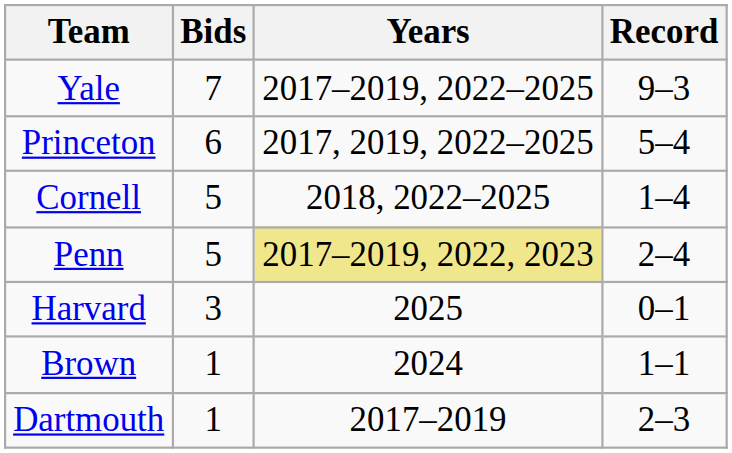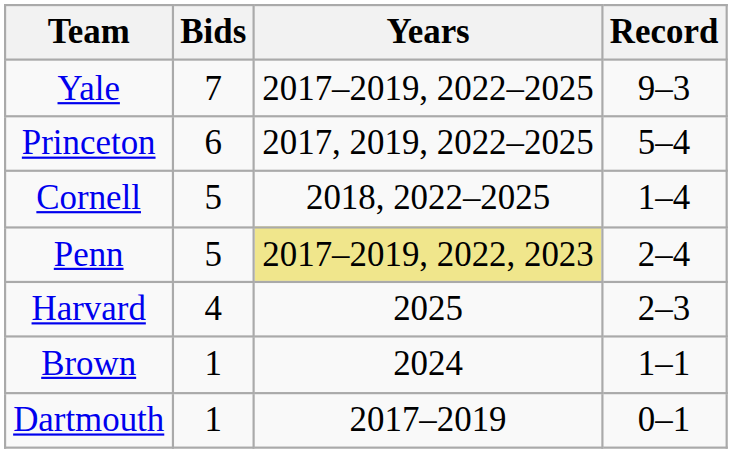 <table class="wikitable sortable" style="text-align:center">
 <tr>
 <th width=px>Team</th>
 <th width=px>Bids</th>
 <th width=px>Years</th>
 <th width=px>Record</th>
 </tr>
 <tr>
 <td><a href='#'>Yale</a></td>
 <td>7</td>
 <td>2017–2019, 2022–2025</td>
 <td>9–3</td>
 </tr>
 <tr>
 <td><a href='#'>Princeton</a></td>
 <td>6</td>
 <td>2017, 2019, 2022–2025</td>
 <td>5–4</td>
 </tr>
 <tr>
 <td><a href='#'>Cornell</a></td>
 <td>5</td>
 <td>2018, 2022–2025</td>
 <td>1–4</td>
 </tr>
 <tr>
 <td><a href='#'>Penn</a></td>
 <td>5</td>
 <td style="background: khaki;">2017–2019, 2022, 2023</td>
 <td>2–4</td>
 </tr>
 <tr>
 <td><a href='#'>Harvard</a></td>
-<td>3</td>
+<td>4</td>
 <td>2025</td>
-<td>0–1</td>
+<td>2–3</td>
 </tr>
 <tr>
 <td><a href='#'>Brown</a></td>
 <td>1</td>
 <td>2024</td>
 <td>1–1</td>
 </tr>
 <tr>
 <td><a href='#'>Dartmouth</a></td>
 <td>1</td>
 <td>2017–2019</td>
-<td>2–3</td>
+<td>0–1</td>
 </tr>
 </table>
